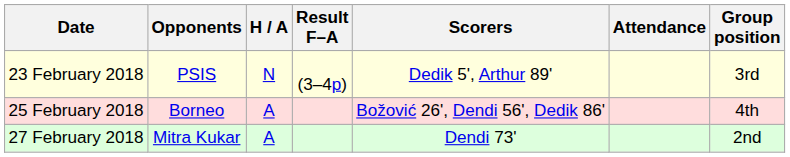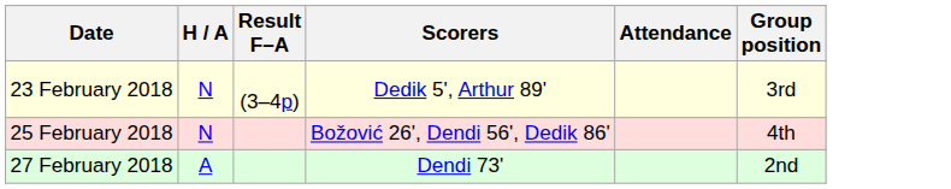 <table class="wikitable" style="text-align:center">
 <tr>
 <th>Date</th>
-<th>Opponents</th>
 <th>H / A</th>
 <th>Result<br>F–A</th>
 <th>Scorers</th>
 <th>Attendance</th>
 <th>Group<br>position</th>
 </tr>
 <tr style="background:#ffffdd">
 <td>23 February 2018</td>
-<td><a href='#'>PSIS</a></td>
 <td><a href='#'>N</a></td>
 <td><br>(3–4<a href='#'>p</a>)</td>
 <td><a href='#'>Dedik</a> 5', <a href='#'>Arthur</a> 89'</td>
 <td></td>
 <td>3rd</td>
 </tr>
 <tr style="background:#ffdddd">
 <td>25 February 2018</td>
-<td><a href='#'>Borneo</a></td>
-<td><a href='#'>A</a></td>
+<td><a href='#'>N</a></td>
 <td></td>
 <td><a href='#'>Božović</a> 26', <a href='#'>Dendi</a> 56', <a href='#'>Dedik</a> 86'</td>
 <td></td>
 <td>4th</td>
 </tr>
 <tr style="background:#ddffdd">
 <td>27 February 2018</td>
-<td><a href='#'>Mitra Kukar</a></td>
 <td><a href='#'>A</a></td>
 <td></td>
 <td><a href='#'>Dendi</a> 73'</td>
 <td></td>
 <td>2nd</td>
 </tr>
 </table>
